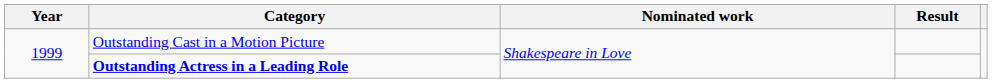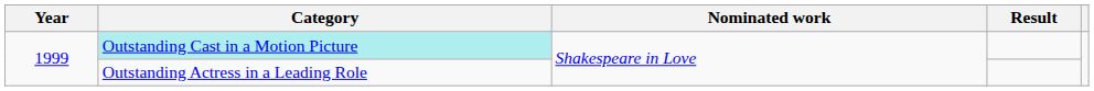 <table class=wikitable>
 <tr>
 <th scope="col" style="width:5em;">Year</th>
 <th scope="col" style="width:26em;">Category</th>
 <th scope="col" style="width:25em;">Nominated work</th>
 <th scope="col" style="width:5em;">Result</th>
 <th></th>
 </tr>
 <tr>
 <td style="text-align:center;", rowspan="2"><a href='#'>1999</a></td>
-<td><a href='#'>Outstanding Cast in a Motion Picture</a></td>
+<td style="background: paleturquoise;"><a href='#'>Outstanding Cast in a Motion Picture</a></td>
 <td rowspan="2"><em><a href='#'>Shakespeare in Love</a></em></td>
 <td></td>
 <td style="text-align:center;" rowspan="2"></td>
 </tr>
 <tr>
-<td><strong><a href='#'>Outstanding Actress in a Leading Role</a></strong></td>
+<td><a href='#'>Outstanding Actress in a Leading Role</a></td>
 <td></td>
 </tr>
 </table>
